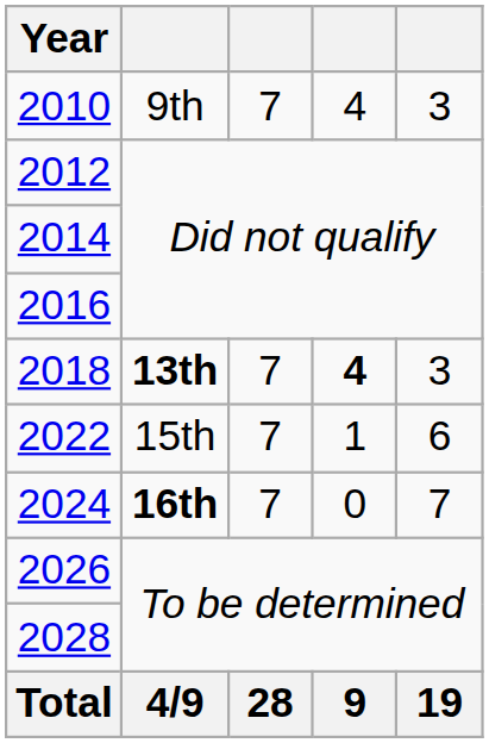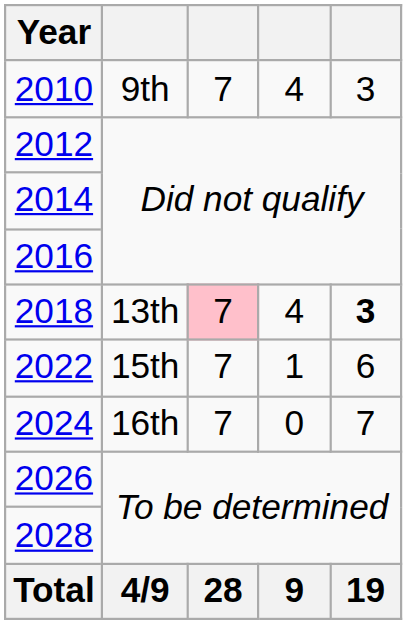 <table class="wikitable" style="text-align:center">
 <tr>
 <th>Year</th>
 <th></th>
 <th width=25></th>
 <th width=25></th>
 <th width=25></th>
 </tr>
 <tr>
 <td> <a href='#'>2010</a></td>
 <td>9th</td>
 <td>7</td>
 <td>4</td>
 <td>3</td>
 </tr>
 <tr>
 <td> <a href='#'>2012</a></td>
 <td colspan=4 rowspan=3><em>Did not qualify</em></td>
 </tr>
 <tr>
 <td> <a href='#'>2014</a></td>
 </tr>
 <tr>
 <td> <a href='#'>2016</a></td>
 </tr>
 <tr>
 <td> <a href='#'>2018</a></td>
-<td><strong>13th</strong></td>
-<td>7</td>
-<td><strong>4</strong></td>
-<td>3</td>
+<td>13th</td>
+<td style="background: pink;">7</td>
+<td>4</td>
+<td><strong>3</strong></td>
 </tr>
 <tr>
 <td> <a href='#'>2022</a></td>
 <td>15th</td>
 <td>7</td>
 <td>1</td>
 <td>6</td>
 </tr>
 <tr>
 <td> <a href='#'>2024</a></td>
-<td><strong>16th</strong></td>
+<td>16th</td>
 <td>7</td>
 <td>0</td>
 <td>7</td>
 </tr>
 <tr>
 <td> <a href='#'>2026</a></td>
 <td colspan=4 rowspan=2><em>To be determined</em></td>
 </tr>
 <tr>
 <td> <a href='#'>2028</a></td>
 </tr>
 <tr>
 <th>Total</th>
 <th>4/9</th>
 <th>28</th>
 <th>9</th>
 <th>19</th>
 </tr>
 </table>
